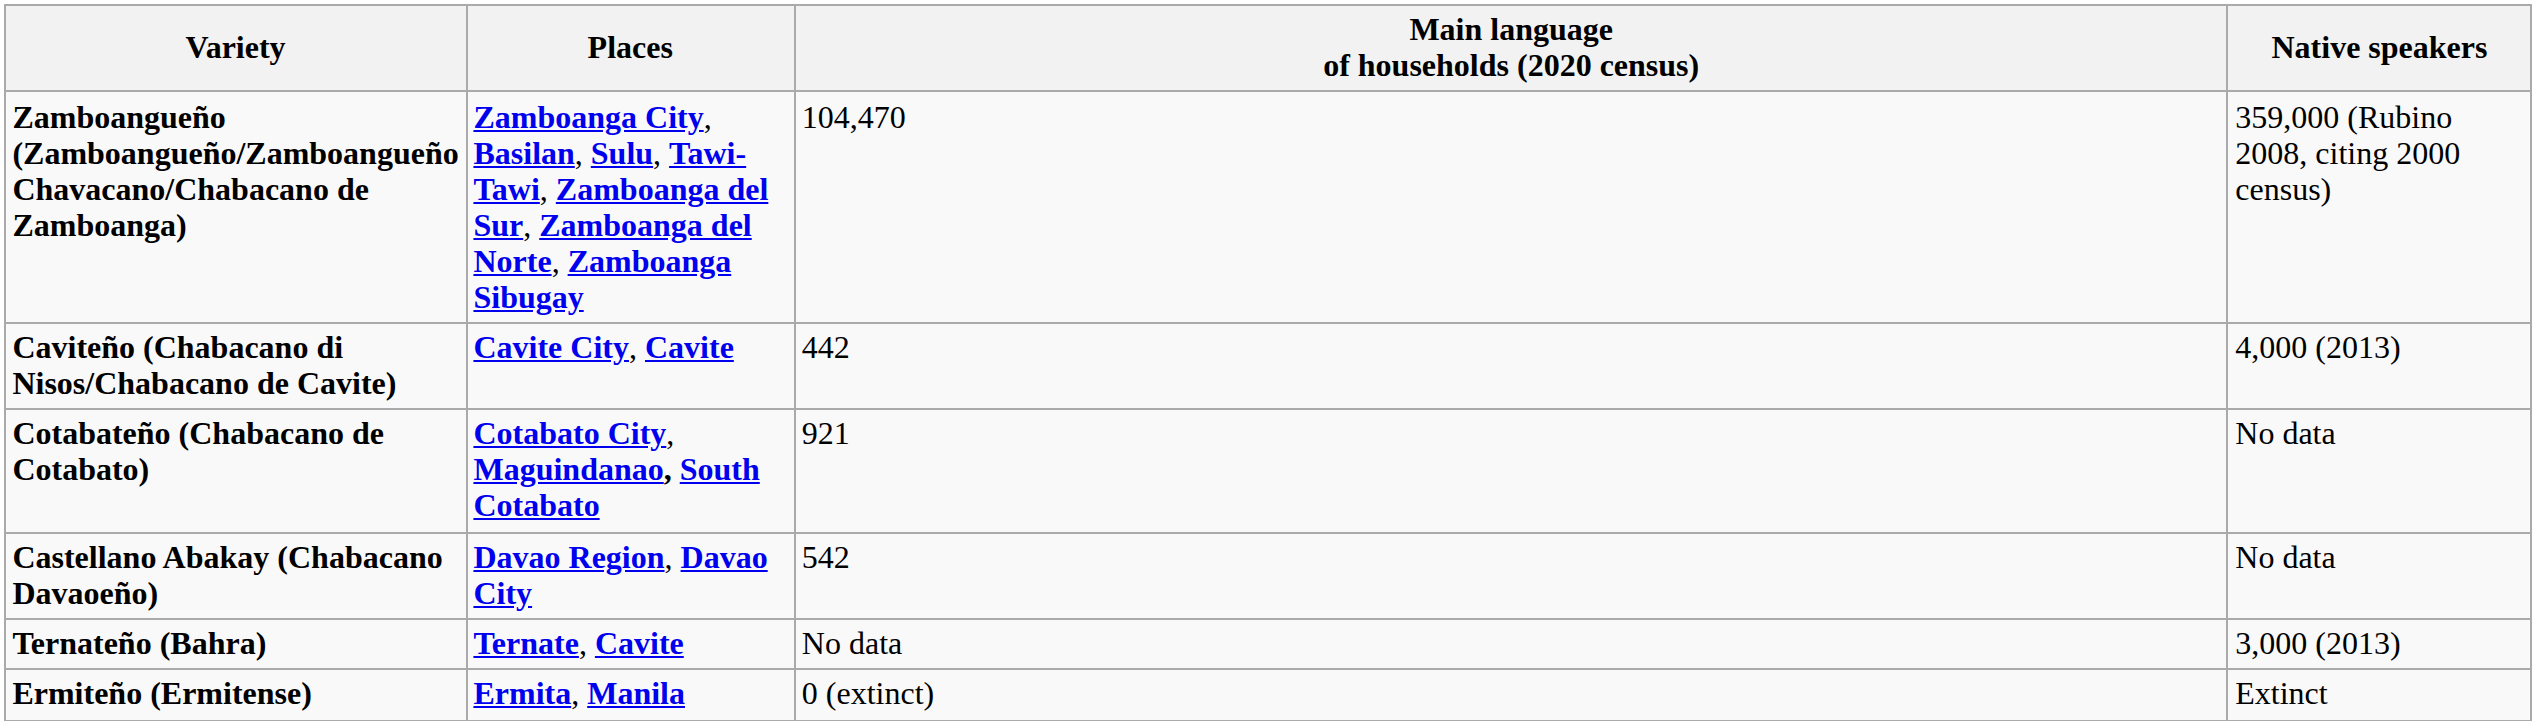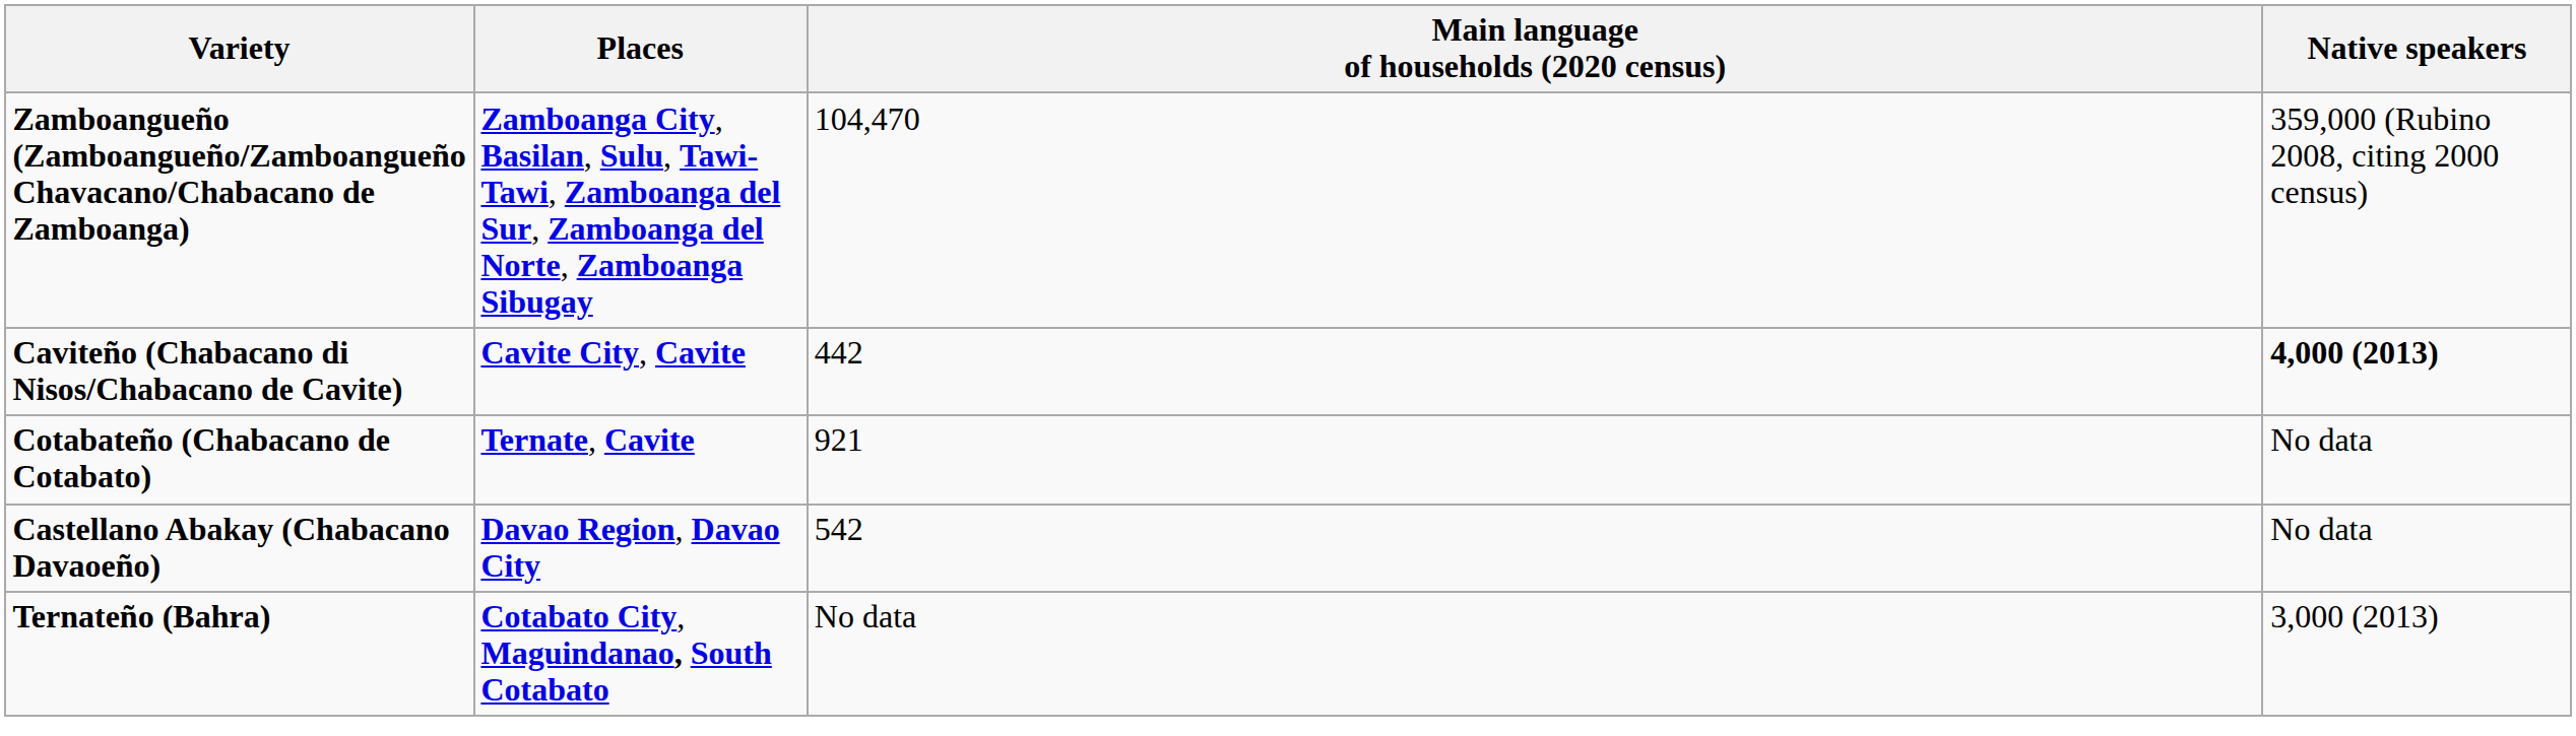 <table class="wikitable sortable" style="width:100%; margin:auto;">
 <tr>
 <th style="width:15%;">Variety</th>
 <th style="width:13%;">Places</th>
 <th>Main language<br>of households  (2020 census)</th>
 <th style="width:12%;">Native speakers</th>
 </tr>
 <tr valign="top">
 <td><strong>Zamboangueño (Zamboangueño/Zamboangueño Chavacano/Chabacano de Zamboanga)</strong></td>
 <td><strong><a href='#'>Zamboanga City</a></strong>, <strong><a href='#'>Basilan</a></strong>, <strong><a href='#'>Sulu</a></strong>, <strong><a href='#'>Tawi-Tawi</a></strong>, <strong><a href='#'>Zamboanga del Sur</a></strong>, <strong><a href='#'>Zamboanga del Norte</a></strong>, <strong><a href='#'>Zamboanga Sibugay</a></strong></td>
 <td>104,470</td>
 <td>359,000 (Rubino 2008, citing 2000 census)</td>
 </tr>
 <tr valign="top">
 <td><strong>Caviteño (Chabacano di Nisos/Chabacano de Cavite)</strong></td>
 <td><strong><a href='#'>Cavite City</a></strong>, <strong><a href='#'>Cavite</a></strong></td>
 <td>442</td>
-<td>4,000 (2013)</td>
+<td><strong>4,000 (2013)</strong></td>
 </tr>
 <tr valign="top">
 <td><strong>Cotabateño (Chabacano de Cotabato)</strong></td>
-<td><strong><a href='#'>Cotabato City</a></strong>, <strong><a href='#'>Maguindanao</a>, <a href='#'>South Cotabato</a></strong></td>
+<td><strong><a href='#'>Ternate</a></strong>, <strong><a href='#'>Cavite</a></strong></td>
 <td>921</td>
 <td>No data</td>
 </tr>
 <tr valign="top">
 <td><strong>Castellano Abakay (Chabacano Davaoeño)</strong></td>
 <td><strong><a href='#'>Davao Region</a></strong>, <strong><a href='#'>Davao City</a></strong></td>
 <td>542</td>
 <td>No data</td>
 </tr>
 <tr valign="top">
 <td><strong>Ternateño (Bahra)</strong></td>
-<td><strong><a href='#'>Ternate</a></strong>, <strong><a href='#'>Cavite</a></strong></td>
+<td><strong><a href='#'>Cotabato City</a></strong>, <strong><a href='#'>Maguindanao</a>, <a href='#'>South Cotabato</a></strong></td>
 <td>No data</td>
 <td>3,000 (2013)</td>
 </tr>
-<tr valign="top">
-<td><strong>Ermiteño (Ermitense)</strong></td>
-<td><strong><a href='#'>Ermita</a></strong>, <strong><a href='#'>Manila</a></strong></td>
-<td>0 (extinct)</td>
-<td>Extinct</td>
-</tr>
 </table>
